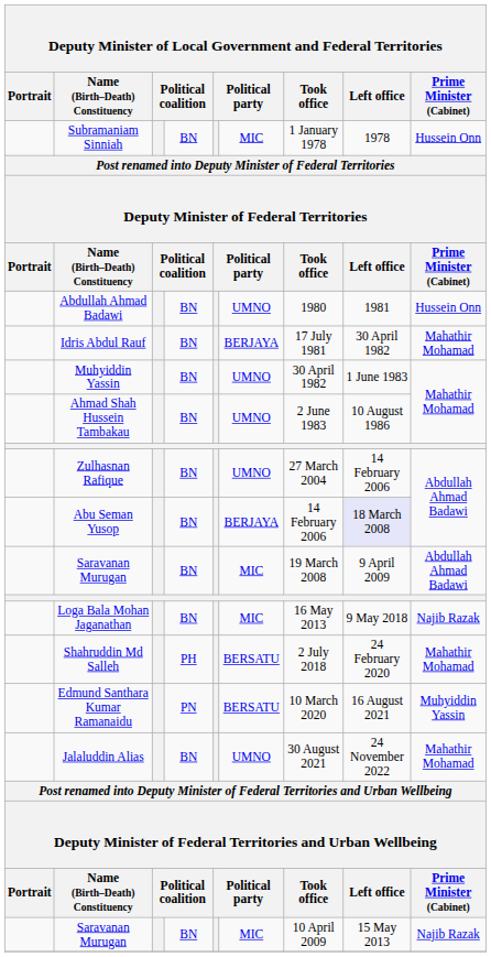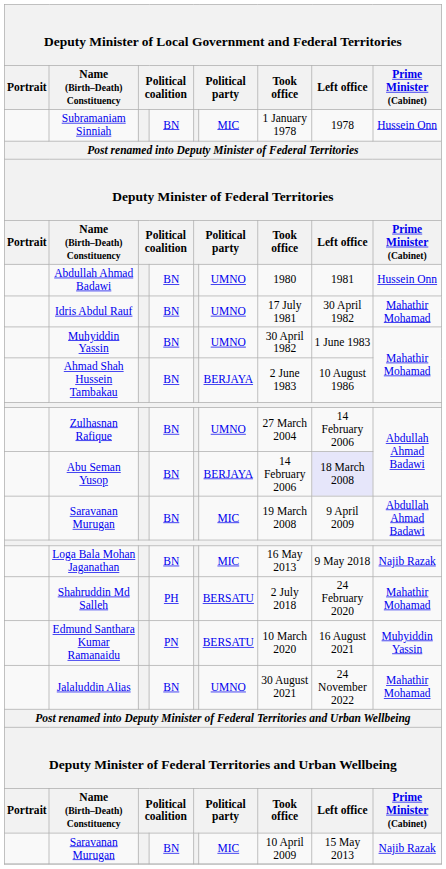 <table class="wikitable" style="text-align:center;">
 <tr>
 <th colspan="9"><br><h3>Deputy Minister of Local Government and Federal Territories</h3></th>
 </tr>
 <tr>
 <th>Portrait</th>
 <th>Name<br><small>(Birth–Death)<br>Constituency</small></th>
 <th colspan="2">Political coalition</th>
 <th colspan="2">Political party</th>
 <th>Took office</th>
 <th>Left office</th>
 <th><a href='#'>Prime Minister</a><br><small>(Cabinet)</small></th>
 </tr>
 <tr>
 <td></td>
 <td><a href='#'>Subramaniam Sinniah</a><br></td>
 <th style="background:"></th>
 <td><a href='#'>BN</a></td>
 <th style="background:"></th>
 <td><a href='#'>MIC</a></td>
 <td>1 January 1978</td>
 <td>1978</td>
 <td><a href='#'>Hussein Onn</a><br></td>
 </tr>
 <tr>
 <th colspan="9"><em>Post renamed into Deputy Minister of Federal Territories</em></th>
 </tr>
 <tr>
 <th colspan="9"><br><h3>Deputy Minister of Federal Territories</h3></th>
 </tr>
 <tr>
 <th>Portrait</th>
 <th>Name<br><small>(Birth–Death)<br>Constituency</small></th>
 <th colspan="2">Political coalition</th>
 <th colspan="2">Political party</th>
 <th>Took office</th>
 <th>Left office</th>
 <th><a href='#'>Prime Minister</a><br><small>(Cabinet)</small></th>
 </tr>
 <tr>
 <td></td>
 <td><a href='#'>Abdullah Ahmad Badawi</a><br></td>
 <th style="background:"></th>
 <td><a href='#'>BN</a></td>
 <th style="background:"></th>
 <td><a href='#'>UMNO</a></td>
 <td>1980</td>
 <td>1981</td>
 <td><a href='#'>Hussein Onn</a><br></td>
 </tr>
 <tr>
 <td></td>
 <td><a href='#'>Idris Abdul Rauf</a><br></td>
 <th style="background:"></th>
 <td><a href='#'>BN</a></td>
 <th style="background:"></th>
-<td><a href='#'>BERJAYA</a></td>
+<td><a href='#'>UMNO</a></td>
 <td>17 July 1981</td>
 <td>30 April 1982</td>
 <td><a href='#'>Mahathir Mohamad</a><br></td>
 </tr>
 <tr>
 <td></td>
 <td><a href='#'>Muhyiddin Yassin</a><br></td>
 <th style="background:"></th>
 <td><a href='#'>BN</a></td>
 <th style="background:"></th>
 <td><a href='#'>UMNO</a></td>
 <td>30 April 1982</td>
 <td>1 June 1983</td>
 <td rowspan=2><a href='#'>Mahathir Mohamad</a><br></td>
 </tr>
 <tr>
 <td></td>
 <td><a href='#'>Ahmad Shah Hussein Tambakau</a><br></td>
 <th style="background:"></th>
 <td><a href='#'>BN</a></td>
 <th style="background:"></th>
-<td><a href='#'>UMNO</a></td>
+<td><a href='#'>BERJAYA</a></td>
 <td>2 June 1983</td>
 <td>10 August 1986</td>
 </tr>
 <tr>
 <th colspan="9"></th>
 </tr>
 <tr>
 <td></td>
 <td><a href='#'>Zulhasnan Rafique</a><br></td>
 <th style="background:"></th>
 <td><a href='#'>BN</a></td>
 <th style="background:"></th>
 <td><a href='#'>UMNO</a></td>
 <td>27 March 2004</td>
 <td>14 February 2006</td>
 <td rowspan=2><a href='#'>Abdullah Ahmad Badawi</a><br></td>
 </tr>
 <tr>
 <td></td>
 <td><a href='#'>Abu Seman Yusop</a><br></td>
 <th style="background:"></th>
 <td><a href='#'>BN</a></td>
 <th style="background:"></th>
 <td><a href='#'>BERJAYA</a></td>
 <td>14 February 2006</td>
 <td style="background: lavender;">18 March 2008</td>
 </tr>
 <tr>
 <td></td>
 <td><a href='#'>Saravanan Murugan</a><br></td>
 <th style="background:"></th>
 <td><a href='#'>BN</a></td>
 <th style="background:"></th>
 <td><a href='#'>MIC</a></td>
 <td>19 March 2008</td>
 <td>9 April 2009</td>
 <td><a href='#'>Abdullah Ahmad Badawi</a><br></td>
 </tr>
 <tr>
 <th colspan="9"></th>
 </tr>
 <tr>
 <td></td>
 <td><a href='#'>Loga Bala Mohan Jaganathan</a><br></td>
 <th style="background:"></th>
 <td><a href='#'>BN</a></td>
 <th style="background:"></th>
 <td><a href='#'>MIC</a></td>
 <td>16 May 2013</td>
 <td>9 May 2018</td>
 <td><a href='#'>Najib Razak</a><br></td>
 </tr>
 <tr>
 <td></td>
 <td><a href='#'>Shahruddin Md Salleh</a><br></td>
 <th style="background:"></th>
 <td><a href='#'>PH</a></td>
 <th style="background:"></th>
 <td><a href='#'>BERSATU</a></td>
 <td>2 July 2018</td>
 <td>24 February 2020</td>
 <td><a href='#'>Mahathir Mohamad</a><br></td>
 </tr>
 <tr>
 <td></td>
 <td><a href='#'>Edmund Santhara Kumar Ramanaidu</a><br></td>
 <th style="background:"></th>
 <td><a href='#'>PN</a></td>
 <th style="background:"></th>
 <td><a href='#'>BERSATU</a></td>
 <td>10 March 2020</td>
 <td>16 August 2021</td>
 <td><a href='#'>Muhyiddin Yassin</a><br></td>
 </tr>
 <tr>
 <td></td>
 <td><a href='#'>Jalaluddin Alias</a><br></td>
 <th style="background:"></th>
 <td><a href='#'>BN</a></td>
 <th style="background:"></th>
 <td><a href='#'>UMNO</a></td>
 <td>30 August 2021</td>
 <td>24 November 2022</td>
 <td><a href='#'>Mahathir Mohamad</a><br></td>
 </tr>
 <tr>
 <th colspan="9"><em>Post renamed into Deputy Minister of Federal Territories and Urban Wellbeing</em></th>
 </tr>
 <tr>
 <th colspan="9"><br><h3>Deputy Minister of Federal Territories and Urban Wellbeing</h3></th>
 </tr>
 <tr>
 <th>Portrait</th>
 <th>Name<br><small>(Birth–Death)<br>Constituency</small></th>
 <th colspan="2">Political coalition</th>
 <th colspan="2">Political party</th>
 <th>Took office</th>
 <th>Left office</th>
 <th><a href='#'>Prime Minister</a><br><small>(Cabinet)</small></th>
 </tr>
 <tr>
 <td></td>
 <td><a href='#'>Saravanan Murugan</a><br></td>
 <th style="background:"></th>
 <td><a href='#'>BN</a></td>
 <th style="background:"></th>
 <td><a href='#'>MIC</a></td>
 <td>10 April 2009</td>
 <td>15 May 2013</td>
 <td><a href='#'>Najib Razak</a><br></td>
 </tr>
 <tr>
 </tr>
 </table>
